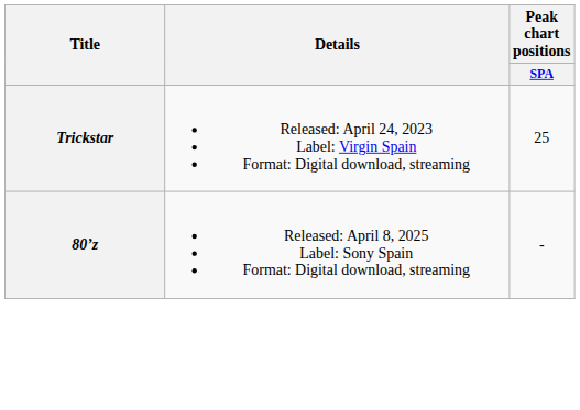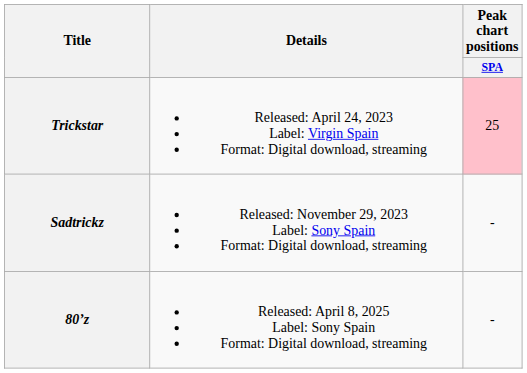 <table class="wikitable plainrowheaders" style="text-align:center;">
 <tr>
 <th scope="col" rowspan="2" style="width:10em;">Title</th>
 <th scope="col" rowspan="2" style="width:22em;">Details</th>
 <th scope="col" colspan="1">Peak chart positions</th>
 </tr>
 <tr>
 <th scope="col" style="width:3em;font-size:85%;"><a href='#'>SPA</a><br></th>
 </tr>
 <tr>
 <th scope="row"><strong><em>Trickstar</em></strong></th>
 <td><br><ul><li>Released: April 24, 2023</li><li>Label: <a href='#'>Virgin Spain</a></li><li>Format: Digital download, streaming</li></ul></td>
-<td>25</td>
+<td style="background: pink;">25</td>
+</tr>
+<tr>
+<th scope="row"><strong><em>Sadtrickz</em></strong></th>
+<td><br><ul><li>Released: November 29, 2023</li><li>Label: <a href='#'>Sony Spain</a></li><li>Format: Digital download, streaming</li></ul></td>
+<td>-</td>
 </tr>
 <tr>
 <th scope="row"><strong><em>80’z</em></strong></th>
 <td><br><ul><li>Released: April 8, 2025</li><li>Label: Sony Spain</li><li>Format: Digital download, streaming</li></ul></td>
 <td>-</td>
 </tr>
 </table>
